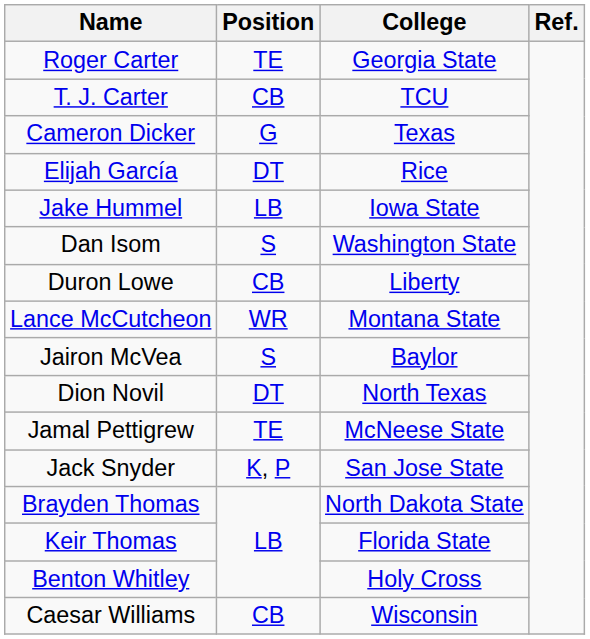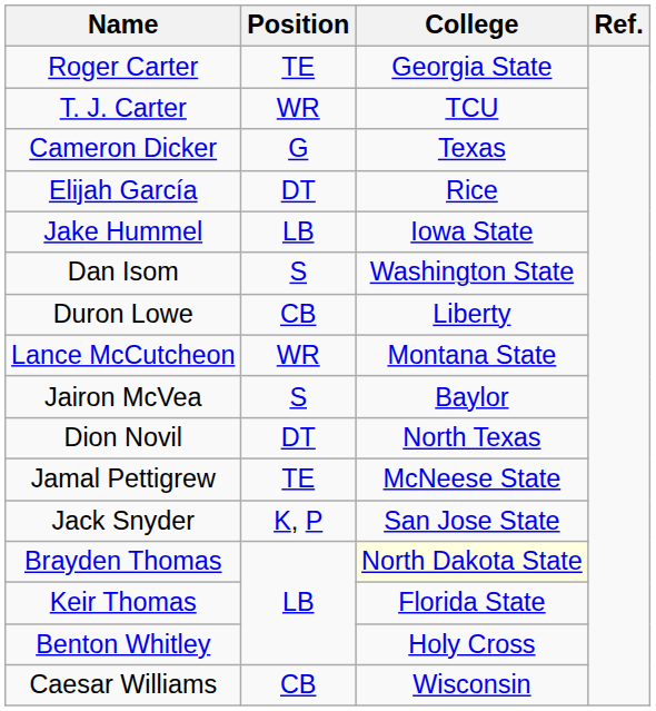 <table class="wikitable" style="text-align:center">
 <tr>
 <th>Name</th>
 <th>Position</th>
 <th>College</th>
 <th>Ref.</th>
 </tr>
 <tr>
 <td><a href='#'>Roger Carter</a></td>
 <td><a href='#'>TE</a></td>
 <td><a href='#'>Georgia State</a></td>
 <td rowspan="16"></td>
 </tr>
 <tr>
 <td><a href='#'>T. J. Carter</a></td>
-<td><a href='#'>CB</a></td>
+<td><a href='#'>WR</a></td>
 <td><a href='#'>TCU</a></td>
 </tr>
 <tr>
 <td><a href='#'>Cameron Dicker</a></td>
 <td><a href='#'>G</a></td>
 <td><a href='#'>Texas</a></td>
 </tr>
 <tr>
 <td><a href='#'>Elijah García</a></td>
 <td><a href='#'>DT</a></td>
 <td><a href='#'>Rice</a></td>
 </tr>
 <tr>
 <td><a href='#'>Jake Hummel</a></td>
 <td><a href='#'>LB</a></td>
 <td><a href='#'>Iowa State</a></td>
 </tr>
 <tr>
 <td>Dan Isom</td>
 <td><a href='#'>S</a></td>
 <td><a href='#'>Washington State</a></td>
 </tr>
 <tr>
 <td>Duron Lowe</td>
 <td><a href='#'>CB</a></td>
 <td><a href='#'>Liberty</a></td>
 </tr>
 <tr>
 <td><a href='#'>Lance McCutcheon</a></td>
 <td><a href='#'>WR</a></td>
 <td><a href='#'>Montana State</a></td>
 </tr>
 <tr>
 <td>Jairon McVea</td>
 <td><a href='#'>S</a></td>
 <td><a href='#'>Baylor</a></td>
 </tr>
 <tr>
 <td>Dion Novil</td>
 <td><a href='#'>DT</a></td>
 <td><a href='#'>North Texas</a></td>
 </tr>
 <tr>
 <td>Jamal Pettigrew</td>
 <td><a href='#'>TE</a></td>
 <td><a href='#'>McNeese State</a></td>
 </tr>
 <tr>
 <td>Jack Snyder</td>
 <td><a href='#'>K</a>, <a href='#'>P</a></td>
 <td><a href='#'>San Jose State</a></td>
 </tr>
 <tr>
 <td><a href='#'>Brayden Thomas</a></td>
 <td rowspan="3"><a href='#'>LB</a></td>
-<td><a href='#'>North Dakota State</a></td>
+<td style="background: lightyellow;"><a href='#'>North Dakota State</a></td>
 </tr>
 <tr>
 <td><a href='#'>Keir Thomas</a></td>
 <td><a href='#'>Florida State</a></td>
 </tr>
 <tr>
 <td><a href='#'>Benton Whitley</a></td>
 <td><a href='#'>Holy Cross</a></td>
 </tr>
 <tr>
 <td>Caesar Williams</td>
 <td><a href='#'>CB</a></td>
 <td><a href='#'>Wisconsin</a></td>
 </tr>
 </table>
